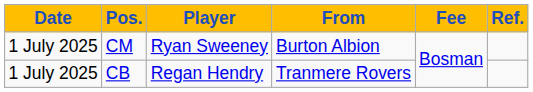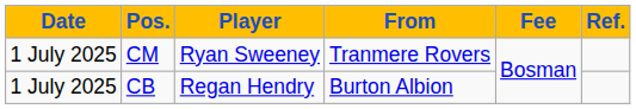 <table class="wikitable plainrowheaders sortable">
 <tr>
 <th style="background:#ffbf00;color:#1C4EBD ">Date</th>
 <th style="background:#ffbf00;color:#1C4EBD ">Pos.</th>
 <th style="background:#ffbf00;color:#1C4EBD ">Player</th>
 <th style="background:#ffbf00;color:#1C4EBD ">From</th>
 <th style="background:#ffbf00;color:#1C4EBD ">Fee</th>
 <th style="background:#ffbf00;color:#1C4EBD ">Ref.</th>
 </tr>
 <tr>
 <td>1 July 2025</td>
 <td><a href='#'>CM</a></td>
 <td> <a href='#'>Ryan Sweeney</a></td>
-<td> <a href='#'>Burton Albion</a></td>
+<td> <a href='#'>Tranmere Rovers</a></td>
 <td rowspan="2"><a href='#'>Bosman</a></td>
 <td></td>
 </tr>
 <tr>
 <td>1 July 2025</td>
 <td><a href='#'>CB</a></td>
 <td> <a href='#'>Regan Hendry</a></td>
-<td> <a href='#'>Tranmere Rovers</a></td>
+<td> <a href='#'>Burton Albion</a></td>
 <td></td>
 </tr>
 </table>
